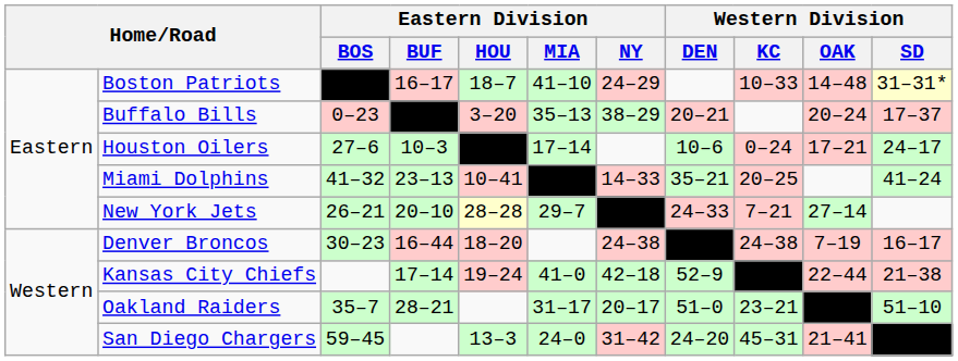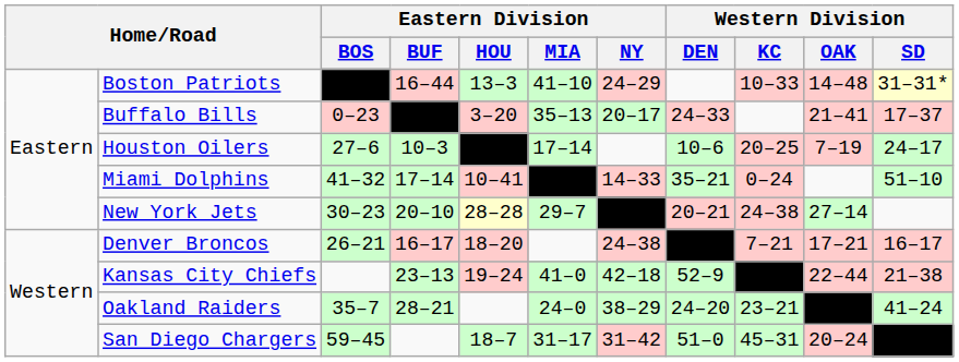 <table class="wikitable" style="font-size:95%; text-align:center">
 <tr>
 <th colspan="2" rowspan=2>Home/Road</th>
 <th colspan="5">Eastern Division</th>
 <th colspan="4">Western Division</th>
 </tr>
 <tr>
 <th><a href='#'>BOS</a></th>
 <th><a href='#'>BUF</a></th>
 <th><a href='#'>HOU</a></th>
 <th><a href='#'>MIA</a></th>
 <th><a href='#'>NY</a></th>
 <th><a href='#'>DEN</a></th>
 <th><a href='#'>KC</a></th>
 <th><a href='#'>OAK</a></th>
 <th><a href='#'>SD</a></th>
 </tr>
 <tr>
 <td rowspan="5">Eastern</td>
 <td align="left"><a href='#'>Boston Patriots</a></td>
 <td style="background:#000"></td>
-<td style="background:#fcc">16–17</td>
-<td style="background:#cfc">18–7</td>
+<td style="background:#fcc">16–44</td>
+<td style="background:#cfc">13–3</td>
 <td style="background:#cfc">41–10</td>
 <td style="background:#fcc">24–29</td>
 <td></td>
 <td style="background:#fcc">10–33</td>
 <td style="background:#fcc">14–48</td>
 <td style="background:#ffc">31–31*</td>
 </tr>
 <tr>
 <td align="left"><a href='#'>Buffalo Bills</a></td>
 <td style="background:#fcc">0–23</td>
 <td style="background:#000"></td>
 <td style="background:#fcc">3–20</td>
 <td style="background:#cfc">35–13</td>
-<td style="background:#cfc">38–29</td>
-<td style="background:#fcc">20–21</td>
+<td style="background:#cfc">20–17</td>
+<td style="background:#fcc">24–33</td>
 <td></td>
-<td style="background:#fcc">20–24</td>
+<td style="background:#fcc">21–41</td>
 <td style="background:#fcc">17–37</td>
 </tr>
 <tr>
 <td align="left"><a href='#'>Houston Oilers</a></td>
 <td style="background:#cfc">27–6</td>
 <td style="background:#cfc">10–3</td>
 <td style="background:#000"></td>
 <td style="background:#cfc">17–14</td>
 <td></td>
 <td style="background:#cfc">10–6</td>
-<td style="background:#fcc">0–24</td>
-<td style="background:#fcc">17–21</td>
+<td style="background:#fcc">20–25</td>
+<td style="background:#fcc">7–19</td>
 <td style="background:#cfc">24–17</td>
 </tr>
 <tr>
 <td align="left"><a href='#'>Miami Dolphins</a></td>
 <td style="background:#cfc">41–32</td>
-<td style="background:#cfc">23–13</td>
+<td style="background:#cfc">17–14</td>
 <td style="background:#fcc">10–41</td>
 <td style="background:#000"></td>
 <td style="background:#fcc">14–33</td>
 <td style="background:#cfc">35–21</td>
-<td style="background:#fcc">20–25</td>
+<td style="background:#fcc">0–24</td>
 <td></td>
-<td style="background:#cfc">41–24</td>
+<td style="background:#cfc">51–10</td>
 </tr>
 <tr>
 <td align="left"><a href='#'>New York Jets</a></td>
-<td style="background:#cfc">26–21</td>
+<td style="background:#cfc">30–23</td>
 <td style="background:#cfc">20–10</td>
 <td style="background:#ffc">28–28</td>
 <td style="background:#cfc">29–7</td>
 <td style="background:#000"></td>
-<td style="background:#fcc">24–33</td>
-<td style="background:#fcc">7–21</td>
+<td style="background:#fcc">20–21</td>
+<td style="background:#fcc">24–38</td>
 <td style="background:#cfc">27–14</td>
 <td></td>
 </tr>
 <tr>
 <td rowspan="4">Western</td>
 <td align="left"><a href='#'>Denver Broncos</a></td>
-<td style="background:#cfc">30–23</td>
-<td style="background:#fcc">16–44</td>
+<td style="background:#cfc">26–21</td>
+<td style="background:#fcc">16–17</td>
 <td style="background:#fcc">18–20</td>
 <td></td>
 <td style="background:#fcc">24–38</td>
 <td style="background:#000"></td>
-<td style="background:#fcc">24–38</td>
-<td style="background:#fcc">7–19</td>
+<td style="background:#fcc">7–21</td>
+<td style="background:#fcc">17–21</td>
 <td style="background:#fcc">16–17</td>
 </tr>
 <tr>
 <td align="left"><a href='#'>Kansas City Chiefs</a></td>
 <td></td>
-<td style="background:#cfc">17–14</td>
+<td style="background:#cfc">23–13</td>
 <td style="background:#fcc">19–24</td>
 <td style="background:#cfc">41–0</td>
 <td style="background:#cfc">42–18</td>
 <td style="background:#cfc">52–9</td>
 <td style="background:#000"></td>
 <td style="background:#fcc">22–44</td>
 <td style="background:#fcc">21–38</td>
 </tr>
 <tr>
 <td align="left"><a href='#'>Oakland Raiders</a></td>
 <td style="background:#cfc">35–7</td>
 <td style="background:#cfc">28–21</td>
 <td></td>
-<td style="background:#cfc">31–17</td>
-<td style="background:#cfc">20–17</td>
-<td style="background:#cfc">51–0</td>
+<td style="background:#cfc">24–0</td>
+<td style="background:#cfc">38–29</td>
+<td style="background:#cfc">24–20</td>
 <td style="background:#cfc">23–21</td>
 <td style="background:#000"></td>
-<td style="background:#cfc">51–10</td>
+<td style="background:#cfc">41–24</td>
 </tr>
 <tr>
 <td align="left"><a href='#'>San Diego Chargers</a></td>
 <td style="background:#cfc">59–45</td>
 <td></td>
-<td style="background:#cfc">13–3</td>
-<td style="background:#cfc">24–0</td>
+<td style="background:#cfc">18–7</td>
+<td style="background:#cfc">31–17</td>
 <td style="background:#fcc">31–42</td>
-<td style="background:#cfc">24–20</td>
+<td style="background:#cfc">51–0</td>
 <td style="background:#cfc">45–31</td>
-<td style="background:#fcc">21–41</td>
+<td style="background:#fcc">20–24</td>
 <td style="background:#000"></td>
 </tr>
 </table>
